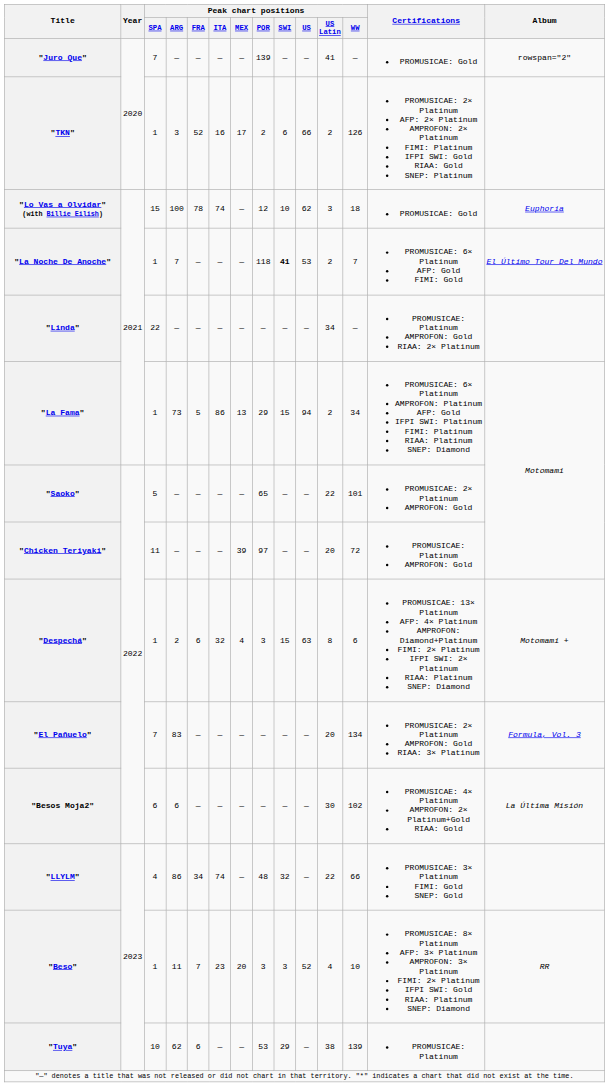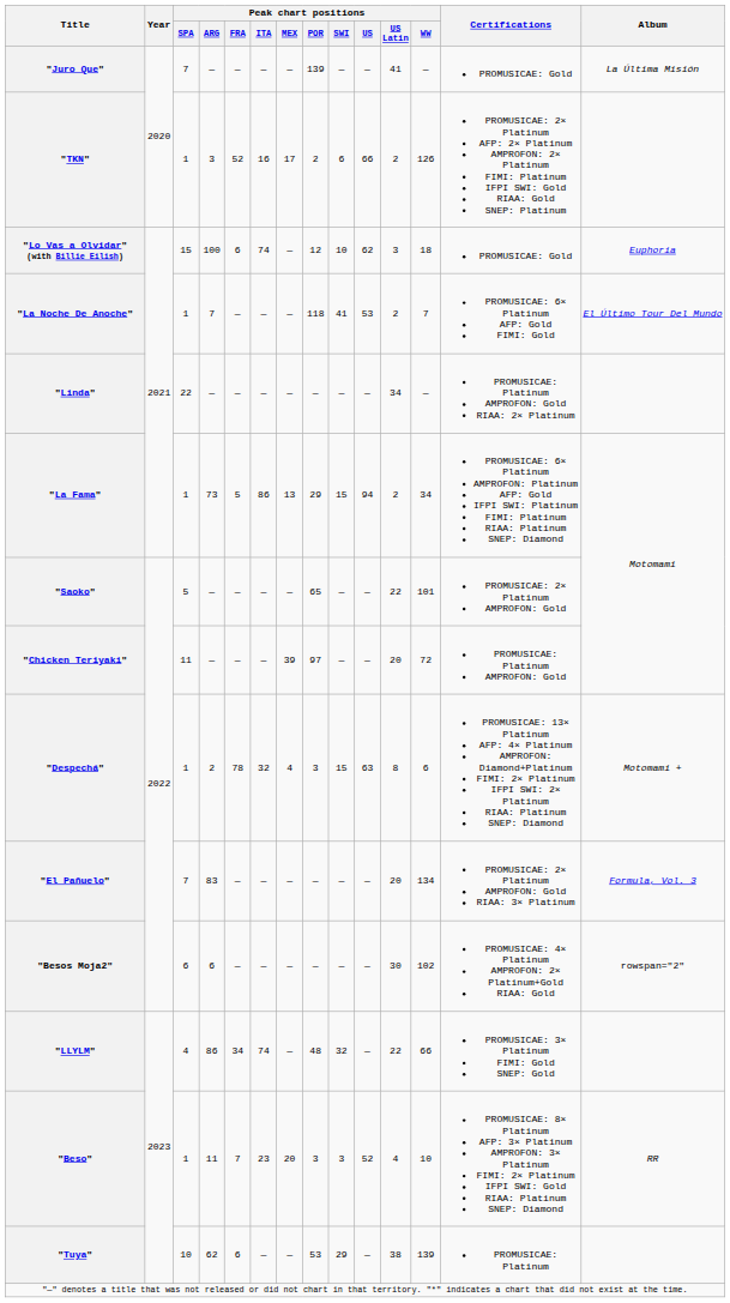 <table class="wikitable plainrowheaders" style="text-align:center;">
 <tr>
 <th scope="col" rowspan="2" style="width:14em;">Title</th>
 <th scope="col" rowspan="2" style="width:1em;">Year</th>
 <th scope="col" colspan="10">Peak chart positions</th>
 <th scope="col" rowspan="2" style="width:14em;"><a href='#'>Certifications</a></th>
 <th scope="col" rowspan="2">Album</th>
 </tr>
 <tr>
 <th scope="col" style="width:2.5em;font-size:90%;"><a href='#'>SPA</a><br></th>
 <th scope="col" style="width:2.5em;font-size:90%;"><a href='#'>ARG</a><br></th>
 <th scope="col" style="width:2.5em;font-size:90%;"><a href='#'>FRA</a><br></th>
 <th scope="col" style="width:2.5em;font-size:90%;"><a href='#'>ITA</a><br></th>
 <th scope="col" style="width:2.5em;font-size:90%;"><a href='#'>MEX</a><br></th>
 <th scope="col" style="width:2.5em;font-size:90%;"><a href='#'>POR</a><br></th>
 <th scope="col" style="width:2.5em;font-size:90%;"><a href='#'>SWI</a><br></th>
 <th scope="col" style="width:2.5em;font-size:90%;"><a href='#'>US</a><br></th>
 <th scope="col" style="width:2.5em;font-size:90%;"><a href='#'>US<br>Latin</a><br></th>
 <th scope="col" style="width:3em;font-size:90%;"><a href='#'>WW</a><br></th>
 </tr>
 <tr>
 <th scope="row">"<a href='#'>Juro Que</a>"</th>
 <td rowspan="2">2020</td>
 <td>7</td>
 <td>—</td>
 <td>—</td>
 <td>—</td>
 <td>—</td>
 <td>139</td>
 <td>—</td>
 <td>—</td>
 <td>41</td>
 <td>—</td>
 <td><br><ul><li>PROMUSICAE: Gold</li></ul></td>
-<td>rowspan="2" </td>
+<td><em>La Última Misión</em></td>
 </tr>
 <tr>
 <th scope="row">"<a href='#'>TKN</a>"<br></th>
 <td>1</td>
 <td>3</td>
 <td>52</td>
 <td>16</td>
 <td>17</td>
 <td>2</td>
 <td>6</td>
 <td>66</td>
 <td>2</td>
 <td>126</td>
 <td><br><ul><li>PROMUSICAE: 2× Platinum</li><li>AFP: 2× Platinum</li><li>AMPROFON: 2× Platinum</li><li>FIMI: Platinum</li><li>IFPI SWI: Gold</li><li>RIAA: Gold</li><li>SNEP: Platinum</li></ul></td>
 </tr>
 <tr>
 <th scope="row">"<a href='#'>Lo Vas a Olvidar</a>"<br><small>(with <a href='#'>Billie Eilish</a>)</small></th>
 <td rowspan="4">2021</td>
 <td>15</td>
 <td>100</td>
-<td>78</td>
+<td>6</td>
 <td>74</td>
 <td>—</td>
 <td>12</td>
 <td>10</td>
 <td>62</td>
 <td>3</td>
 <td>18</td>
 <td><br><ul><li>PROMUSICAE: Gold</li></ul></td>
 <td><em><a href='#'>Euphoria</a></em></td>
 </tr>
 <tr>
 <th scope="row">"<a href='#'>La Noche De Anoche</a>"<br></th>
 <td>1</td>
 <td>7</td>
 <td>—</td>
 <td>—</td>
 <td>—</td>
 <td>118</td>
-<td><strong>41</strong></td>
+<td>41</td>
 <td>53</td>
 <td>2</td>
 <td>7</td>
 <td><br><ul><li>PROMUSICAE: 6× Platinum</li><li>AFP: Gold</li><li>FIMI: Gold</li></ul></td>
 <td><em><a href='#'>El Último Tour Del Mundo</a></em></td>
 </tr>
 <tr>
 <th scope="row">"<a href='#'>Linda</a>"<br></th>
 <td>22</td>
 <td>—</td>
 <td>—</td>
 <td>—</td>
 <td>—</td>
 <td>—</td>
 <td>—</td>
 <td>—</td>
 <td>34</td>
 <td>—</td>
 <td><br><ul><li>PROMUSICAE: Platinum</li><li>AMPROFON: Gold</li><li>RIAA: 2× Platinum </li></ul></td>
 <td></td>
 </tr>
 <tr>
 <th scope="row">"<a href='#'>La Fama</a>"<br></th>
 <td>1</td>
 <td>73</td>
 <td>5</td>
 <td>86</td>
 <td>13</td>
 <td>29</td>
 <td>15</td>
 <td>94</td>
 <td>2</td>
 <td>34</td>
 <td><br><ul><li>PROMUSICAE: 6× Platinum</li><li>AMPROFON: Platinum</li><li>AFP: Gold</li><li>IFPI SWI: Platinum</li><li>FIMI: Platinum</li><li>RIAA: Platinum</li><li>SNEP: Diamond</li></ul></td>
 <td rowspan="3"><em>Motomami</em></td>
 </tr>
 <tr>
 <th scope="row">"<a href='#'>Saoko</a>"</th>
 <td rowspan="5">2022</td>
 <td>5</td>
 <td>—</td>
 <td>—</td>
 <td>—</td>
 <td>—</td>
 <td>65</td>
 <td>—</td>
 <td>—</td>
 <td>22</td>
 <td>101</td>
 <td><br><ul><li>PROMUSICAE: 2× Platinum</li><li>AMPROFON: Gold</li></ul></td>
 </tr>
 <tr>
 <th scope="row">"<a href='#'>Chicken Teriyaki</a>"</th>
 <td>11</td>
 <td>—</td>
 <td>—</td>
 <td>—</td>
 <td>39</td>
 <td>97</td>
 <td>—</td>
 <td>—</td>
 <td>20</td>
 <td>72</td>
 <td><br><ul><li>PROMUSICAE: Platinum</li><li>AMPROFON: Gold</li></ul></td>
 </tr>
 <tr>
 <th scope="row">"<a href='#'>Despechá</a>"</th>
 <td>1</td>
 <td>2</td>
-<td>6</td>
+<td>78</td>
 <td>32</td>
 <td>4</td>
 <td>3</td>
 <td>15</td>
 <td>63</td>
 <td>8</td>
 <td>6</td>
 <td><br><ul><li>PROMUSICAE: 13× Platinum</li><li>AFP: 4× Platinum</li><li>AMPROFON: Diamond+Platinum</li><li>FIMI: 2× Platinum</li><li>IFPI SWI: 2× Platinum</li><li>RIAA: Platinum</li><li>SNEP: Diamond</li></ul></td>
 <td><em>Motomami +</em></td>
 </tr>
 <tr>
 <th scope="row">"<a href='#'>El Pañuelo</a>"<br></th>
 <td>7</td>
 <td>83</td>
 <td>—</td>
 <td>—</td>
 <td>—</td>
 <td>—</td>
 <td>—</td>
 <td>—</td>
 <td>20</td>
 <td>134</td>
 <td><br><ul><li>PROMUSICAE: 2× Platinum</li><li>AMPROFON: Gold</li><li>RIAA: 3× Platinum </li></ul></td>
 <td><em><a href='#'>Formula, Vol. 3</a></em></td>
 </tr>
 <tr>
 <th scope="row">"Besos Moja2"<br></th>
 <td>6</td>
 <td>6</td>
 <td>—</td>
 <td>—</td>
 <td>—</td>
 <td>—</td>
 <td>—</td>
 <td>—</td>
 <td>30</td>
 <td>102</td>
 <td><br><ul><li>PROMUSICAE: 4× Platinum</li><li>AMPROFON: 2× Platinum+Gold</li><li>RIAA: Gold </li></ul></td>
-<td><em>La Última Misión</em></td>
+<td>rowspan="2" </td>
 </tr>
 <tr>
 <th scope="row">"<a href='#'>LLYLM</a>"</th>
 <td rowspan="3">2023</td>
 <td>4</td>
 <td>86</td>
 <td>34</td>
 <td>74</td>
 <td>—</td>
 <td>48</td>
 <td>32</td>
 <td>—</td>
 <td>22</td>
 <td>66</td>
 <td><br><ul><li>PROMUSICAE: 3× Platinum</li><li>FIMI: Gold</li><li>SNEP: Gold</li></ul></td>
 <td></td>
 </tr>
 <tr>
 <th scope="row">"<a href='#'>Beso</a>"<br></th>
 <td>1</td>
 <td>11</td>
 <td>7</td>
 <td>23</td>
 <td>20</td>
 <td>3</td>
 <td>3</td>
 <td>52</td>
 <td>4</td>
 <td>10</td>
 <td><br><ul><li>PROMUSICAE: 8× Platinum</li><li>AFP: 3× Platinum</li><li>AMPROFON: 3× Platinum</li><li>FIMI: 2× Platinum</li><li>IFPI SWI: Gold</li><li>RIAA: Platinum</li><li>SNEP: Diamond</li></ul></td>
 <td><em>RR</em></td>
 </tr>
 <tr>
 <th scope="row">"<a href='#'>Tuya</a>"</th>
 <td>10</td>
 <td>62</td>
 <td>6</td>
 <td>—</td>
 <td>—</td>
 <td>53</td>
 <td>29</td>
 <td>—</td>
 <td>38</td>
 <td>139</td>
 <td><br><ul><li>PROMUSICAE: Platinum</li></ul></td>
 <td></td>
 </tr>
 <tr>
 <td colspan="14" style="font-size:85%">"—" denotes a title that was not released or did not chart in that territory. "*" indicates a chart that did not exist at the time.</td>
 </tr>
 </table>
